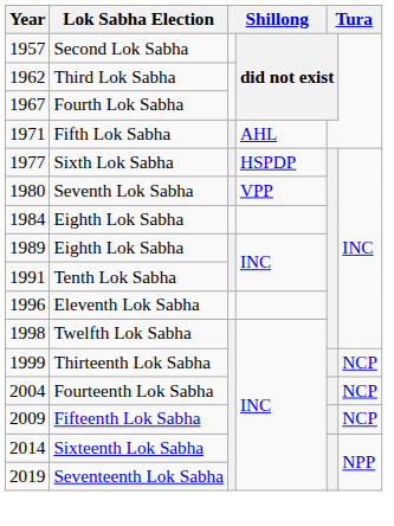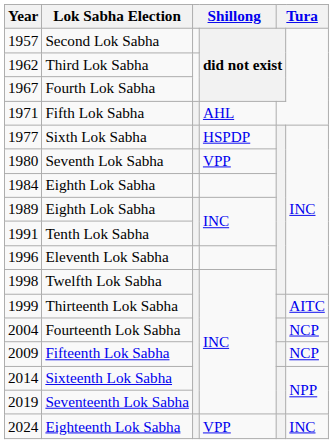 <table class="wikitable sortable">
 <tr>
 <th>Year</th>
 <th>Lok Sabha Election</th>
 <th colspan=2><a href='#'>Shillong</a></th>
 <th colspan=2><a href='#'>Tura</a></th>
 </tr>
 <tr --->
 <td>1957</td>
 <td>Second Lok Sabha</td>
 <td></td>
 <th colspan=2 rowspan = 3>did not exist</th>
 </tr>
 <tr --->
 <td>1962</td>
 <td>Third Lok Sabha</td>
 </tr>
 <tr --->
 <td>1967</td>
 <td>Fourth Lok Sabha</td>
 </tr>
 <tr --->
 <td>1971</td>
 <td>Fifth Lok Sabha</td>
 <th style="background-color:"></th>
 <td><a href='#'>AHL</a></td>
 </tr>
 <tr --->
 <td>1977</td>
 <td>Sixth Lok Sabha</td>
 <th style="background-color: "></th>
 <td><a href='#'>HSPDP</a></td>
 <th rowspan=7 style="background-color: "></th>
 <td rowspan=7><a href='#'>INC</a></td>
 </tr>
 <tr --->
 <td>1980</td>
 <td>Seventh Lok Sabha</td>
 <th style="background-color:"></th>
 <td><a href='#'>VPP</a></td>
 </tr>
 <tr --->
 <td>1984</td>
 <td>Eighth Lok Sabha</td>
 <td></td>
 </tr>
 <tr --->
 <td>1989</td>
 <td>Eighth Lok Sabha</td>
 <th rowspan=2 style="background-color: "></th>
 <td rowspan=2><a href='#'>INC</a></td>
 </tr>
 <tr --->
 <td>1991</td>
 <td>Tenth Lok Sabha</td>
 </tr>
 <tr --->
 <td>1996</td>
 <td>Eleventh Lok Sabha</td>
 <td></td>
 </tr>
 <tr --->
 <td>1998</td>
 <td>Twelfth Lok Sabha</td>
 <th rowspan=6 style="background-color: "></th>
 <td rowspan=6><a href='#'>INC</a></td>
 </tr>
 <tr --->
 <td>1999</td>
 <td>Thirteenth Lok Sabha</td>
 <th style="background-color: "></th>
-<td><a href='#'>NCP</a></td>
+<td><a href='#'>AITC</a></td>
 </tr>
 <tr --->
 <td>2004</td>
 <td>Fourteenth Lok Sabha</td>
 <th ! style="background-color: "></th>
 <td><a href='#'>NCP</a></td>
 </tr>
 <tr --->
 <td>2009</td>
 <td><a href='#'>Fifteenth Lok Sabha</a></td>
 <th style="background-color: "></th>
 <td><a href='#'>NCP</a></td>
 </tr>
 <tr --->
 <td>2014</td>
 <td><a href='#'>Sixteenth Lok Sabha</a></td>
 <th rowspan=2 style="background-color: "></th>
 <td rowspan=2><a href='#'>NPP</a></td>
 </tr>
 <tr --->
 <td>2019</td>
 <td><a href='#'>Seventeenth Lok Sabha</a></td>
 </tr>
+<tr --->
+<td>2024</td>
+<td><a href='#'>Eighteenth Lok Sabha</a></td>
+<th style="background-color: "></th>
+<td><a href='#'>VPP</a></td>
+<th style="background-color: "></th>
+<td><a href='#'>INC</a></td>
+</tr>
 </table>
